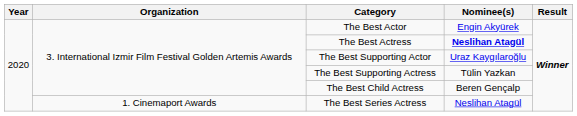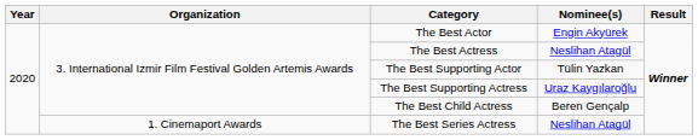 <table class="wikitable" width="75%" ; style="text-align:center;">
 <tr>
 <th>Year</th>
 <th>Organization</th>
 <th>Category</th>
 <th>Nominee(s)</th>
 <th>Result</th>
 </tr>
 <tr>
 <td rowspan="6">2020</td>
 <td rowspan="5">3. International Izmir Film Festival Golden Artemis Awards</td>
 <td>The Best Actor</td>
 <td><a href='#'>Engin Akyürek</a></td>
 <td rowspan="6"><strong><em>Winner</em></strong></td>
 </tr>
 <tr>
 <td>The Best Actress</td>
-<td><strong><a href='#'>Neslihan Atagül</a></strong></td>
+<td><a href='#'>Neslihan Atagül</a></td>
 </tr>
 <tr>
 <td>The Best Supporting Actor</td>
-<td><a href='#'>Uraz Kaygılaroğlu</a></td>
+<td>Tülin Yazkan</td>
 </tr>
 <tr>
 <td>The Best Supporting Actress</td>
-<td>Tülin Yazkan</td>
+<td><a href='#'>Uraz Kaygılaroğlu</a></td>
 </tr>
 <tr>
 <td>The Best Child Actress</td>
 <td>Beren Gençalp</td>
 </tr>
 <tr>
 <td>1. Cinemaport Awards</td>
 <td>The Best Series Actress</td>
 <td><a href='#'>Neslihan Atagül</a></td>
 </tr>
 </table>
